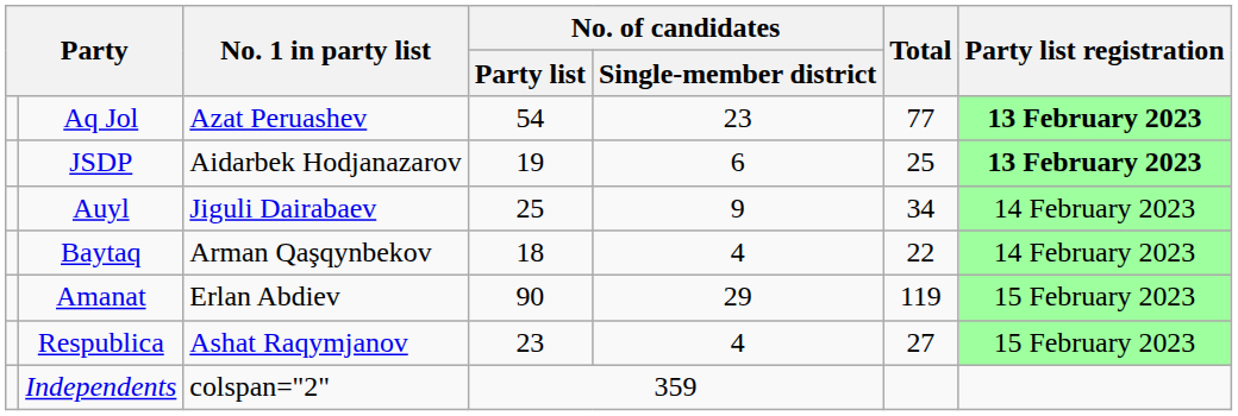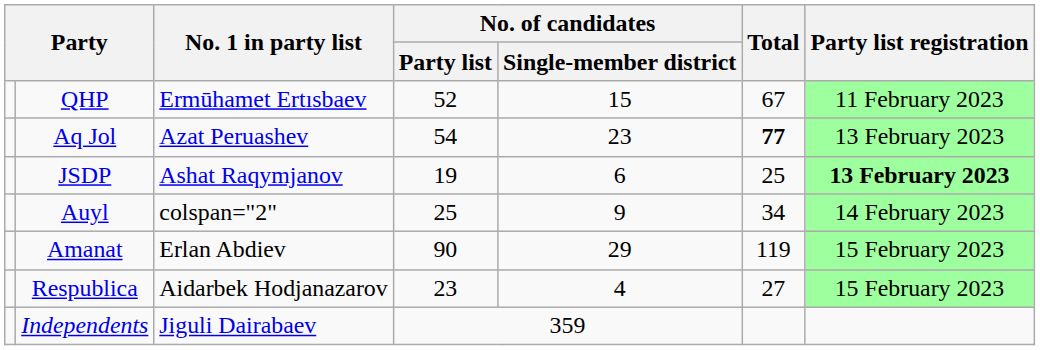 <table class="wikitable sortable">
 <tr>
 <th colspan="2" rowspan="2">Party</th>
 <th rowspan="2">No. 1 in party list</th>
 <th colspan="2">No. of candidates</th>
 <th rowspan="2">Total</th>
 <th rowspan="2">Party list registration</th>
 </tr>
 <tr>
 <th>Party list</th>
 <th>Single-member district</th>
 </tr>
 <tr>
 <td style="background:"></td>
+<td style="text-align:center;"><a href='#'>QHP</a></td>
+<td><a href='#'>Ermūhamet Ertısbaev</a></td>
+<td style="text-align:center;">52</td>
+<td style="text-align:center;">15</td>
+<td style="text-align:center;">67</td>
+<td style="background:#9EFF9E;text-align:center;">11 February 2023 </td>
+</tr>
+<tr>
+<td style="background:"></td>
 <td style="text-align:center;"><a href='#'>Aq Jol</a></td>
 <td><a href='#'>Azat Peruashev</a></td>
 <td style="text-align:center;">54</td>
 <td style="text-align:center;">23</td>
-<td style="text-align:center;">77</td>
-<td style="background:#9EFF9E;text-align:center;"><strong>13 February 2023 </strong></td>
+<td style="text-align:center;"><strong>77</strong></td>
+<td style="background:#9EFF9E;text-align:center;">13 February 2023 </td>
 </tr>
 <tr>
 <td style="background:"></td>
 <td style="text-align:center;"><a href='#'>JSDP</a></td>
-<td>Aidarbek Hodjanazarov</td>
+<td><a href='#'>Ashat Raqymjanov</a></td>
 <td style="text-align:center;">19</td>
 <td style="text-align:center;">6</td>
 <td style="text-align:center;">25</td>
 <td style="background:#9EFF9E;text-align:center;"><strong>13 February 2023 </strong></td>
 </tr>
 <tr>
 <td style="background:"></td>
 <td style="text-align:center;"><a href='#'>Auyl</a></td>
-<td><a href='#'>Jiguli Dairabaev</a></td>
+<td>colspan="2" </td>
 <td style="text-align:center;">25</td>
 <td style="text-align:center;">9</td>
 <td style="text-align:center;">34</td>
-<td style="background:#9EFF9E;text-align:center;">14 February 2023 </td>
-</tr>
-<tr>
-<td style="background:"></td>
-<td style="text-align:center;"><a href='#'>Baytaq</a></td>
-<td>Arman Qaşqynbekov</td>
-<td style="text-align:center;">18</td>
-<td style="text-align:center;">4</td>
-<td style="text-align:center;">22</td>
 <td style="background:#9EFF9E;text-align:center;">14 February 2023 </td>
 </tr>
 <tr>
 <td style="background:"></td>
 <td style="text-align:center;"><a href='#'>Amanat</a></td>
 <td>Erlan Abdiev</td>
 <td style="text-align:center;">90</td>
 <td style="text-align:center;">29</td>
 <td style="text-align:center;">119</td>
 <td style="background:#9EFF9E;text-align:center;">15 February 2023 </td>
 </tr>
 <tr>
 <td style="background:"></td>
 <td style="text-align:center;"><a href='#'>Respublica</a></td>
-<td><a href='#'>Ashat Raqymjanov</a></td>
+<td>Aidarbek Hodjanazarov</td>
 <td style="text-align:center;">23</td>
 <td style="text-align:center;">4</td>
 <td style="text-align:center;">27</td>
 <td style="background:#9EFF9E;text-align:center;">15 February 2023 </td>
 </tr>
 <tr>
 <td style="background-color:"></td>
 <td style="text-align:center;"><em><a href='#'>Independents</a></em></td>
-<td>colspan="2" </td>
+<td><a href='#'>Jiguli Dairabaev</a></td>
 <td colspan="2" style="text-align:center;">359</td>
 <td></td>
 </tr>
 </table>
